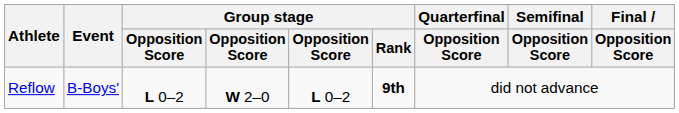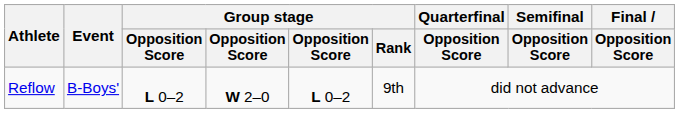 <table class="wikitable" style="font-size:90%">
 <tr>
 <th rowspan=2>Athlete</th>
 <th rowspan=2>Event</th>
 <th colspan=4>Group stage</th>
 <th>Quarterfinal</th>
 <th>Semifinal</th>
 <th>Final / </th>
 </tr>
 <tr style="font-size:95%">
 <th>Opposition<br>Score</th>
 <th>Opposition<br>Score</th>
 <th>Opposition<br>Score</th>
 <th>Rank</th>
 <th>Opposition<br>Score</th>
 <th>Opposition<br>Score</th>
 <th>Opposition<br>Score</th>
 </tr>
 <tr align=center>
 <td align=left><a href='#'>Reflow</a></td>
 <td align=left><a href='#'>B-Boys'</a></td>
 <td> <br> <strong>L</strong> 0–2</td>
 <td> <br> <strong>W</strong> 2–0</td>
 <td> <br> <strong>L</strong> 0–2</td>
-<td><strong>9th</strong></td>
+<td>9th</td>
 <td colspan=3>did not advance</td>
 </tr>
 </table>
